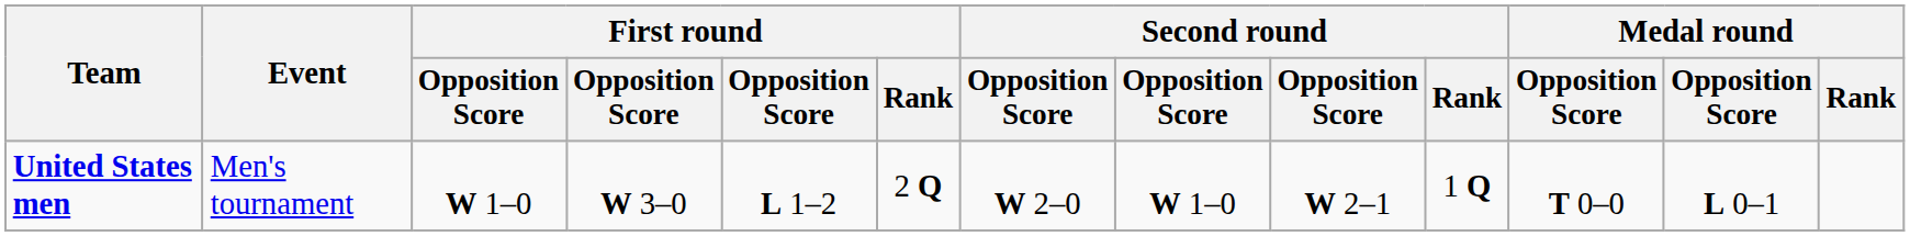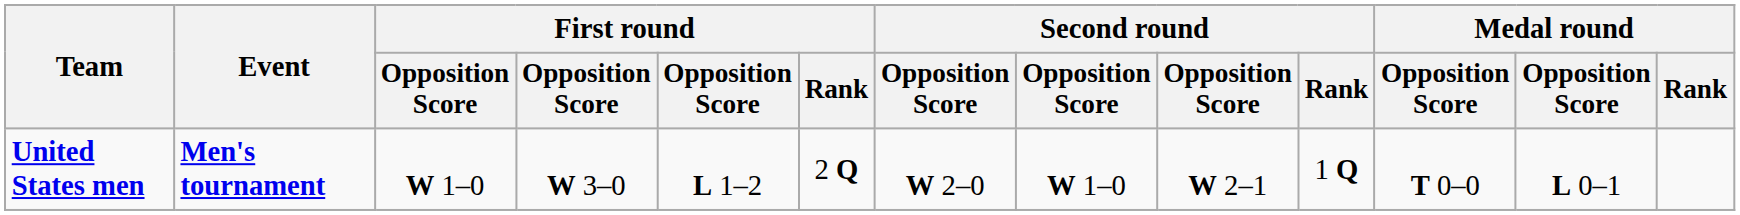 <table class=wikitable style=font-size:90%;text-align:center>
 <tr>
 <th rowspan=2>Team</th>
 <th rowspan=2>Event</th>
 <th colspan=4>First round</th>
 <th colspan=4>Second round</th>
 <th colspan=3>Medal round</th>
 </tr>
 <tr style=font-size:95%>
 <th>Opposition<br>Score</th>
 <th>Opposition<br>Score</th>
 <th>Opposition<br>Score</th>
 <th>Rank</th>
 <th>Opposition<br>Score</th>
 <th>Opposition<br>Score</th>
 <th>Opposition<br>Score</th>
 <th>Rank</th>
 <th>Opposition<br>Score</th>
 <th>Opposition<br>Score</th>
 <th>Rank</th>
 </tr>
 <tr>
 <td align=left><strong><a href='#'>United States men</a></strong></td>
-<td align=left><a href='#'>Men's tournament</a></td>
+<td align=left><strong><a href='#'>Men's tournament</a></strong></td>
 <td><br><strong>W</strong> 1–0</td>
 <td><br><strong>W</strong> 3–0</td>
 <td><br><strong>L</strong> 1–2</td>
 <td>2 <strong>Q</strong></td>
 <td><br><strong>W</strong> 2–0</td>
 <td><br><strong>W</strong> 1–0</td>
 <td><br><strong>W</strong> 2–1</td>
 <td>1 <strong>Q</strong></td>
 <td><br><strong>T</strong> 0–0</td>
 <td><br><strong>L</strong> 0–1</td>
 <td></td>
 </tr>
 </table>
